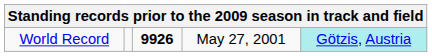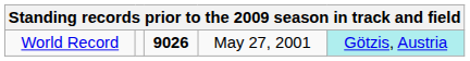 <table class="wikitable" style=" text-align:center;">
 <tr>
 <th colspan="5">Standing records prior to the 2009 season in track and field</th>
 </tr>
 <tr>
 <td><a href='#'>World Record</a></td>
 <td></td>
-<td><strong>9926</strong></td>
+<td><strong>9026</strong></td>
 <td>May 27, 2001</td>
 <td style="background: paleturquoise;"> <a href='#'>Götzis</a>, <a href='#'>Austria</a></td>
 </tr>
 </table>
